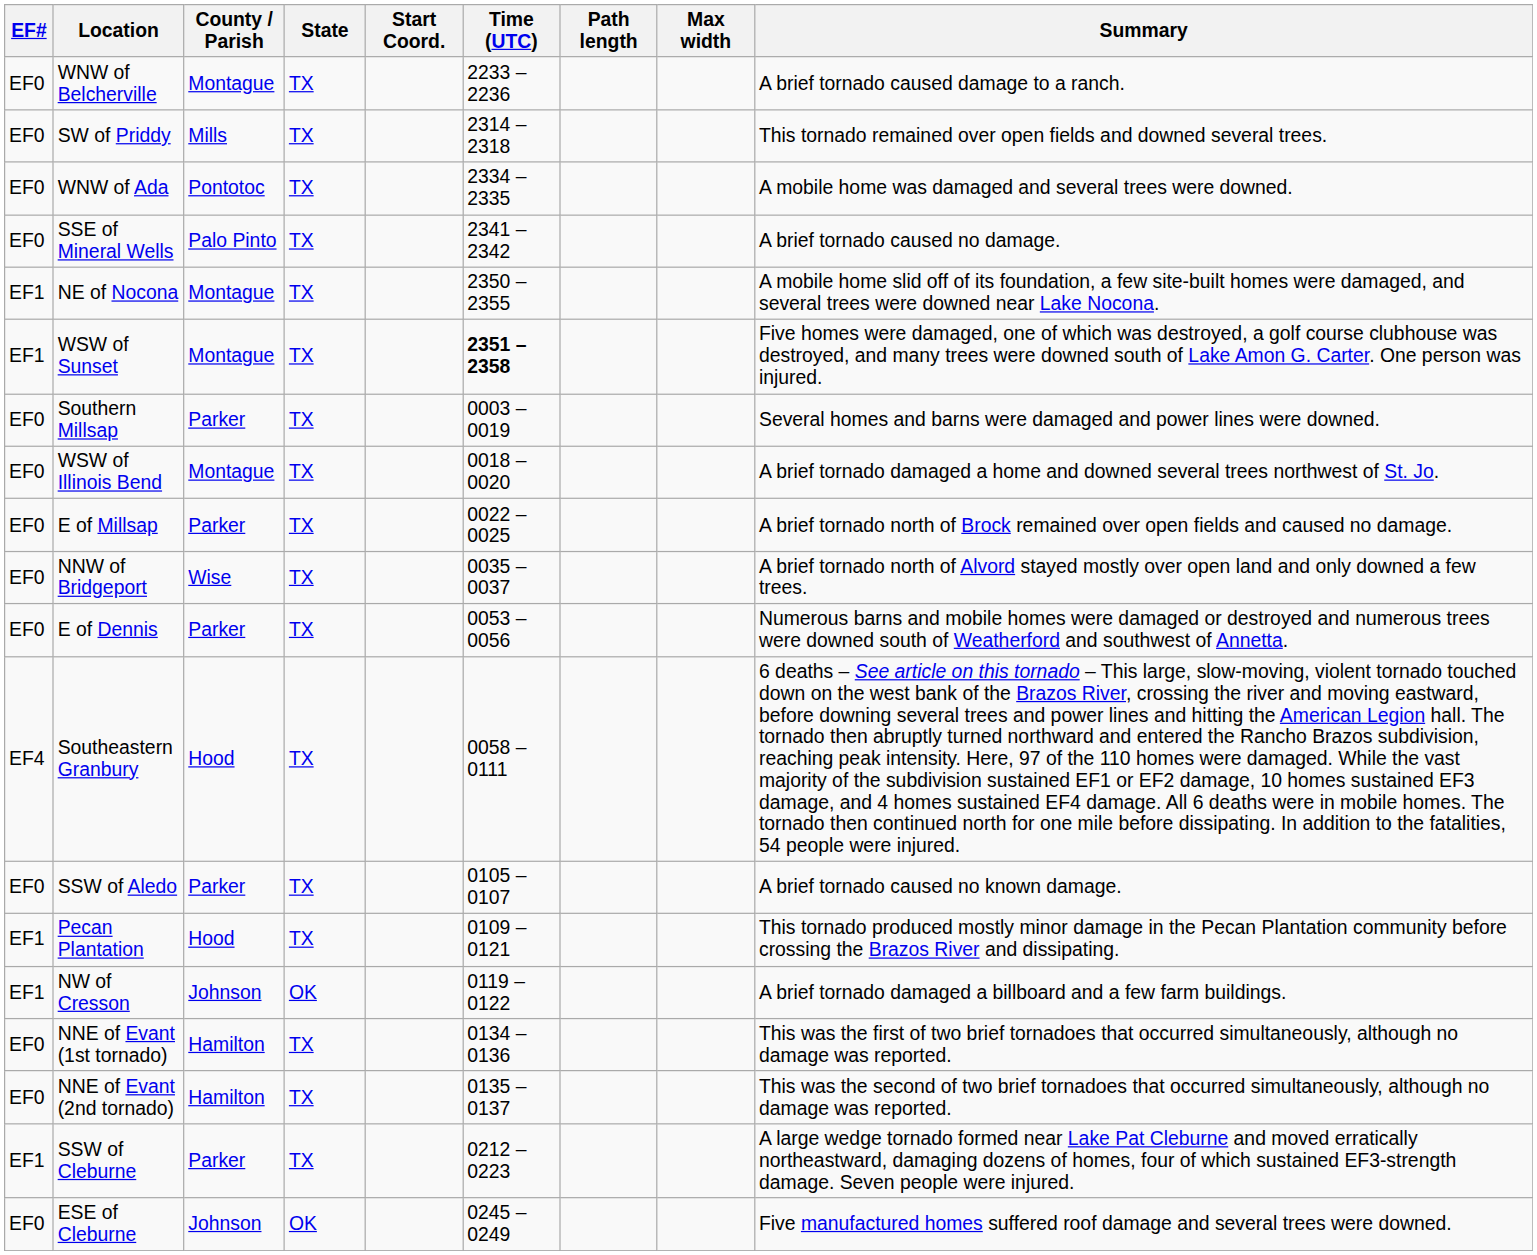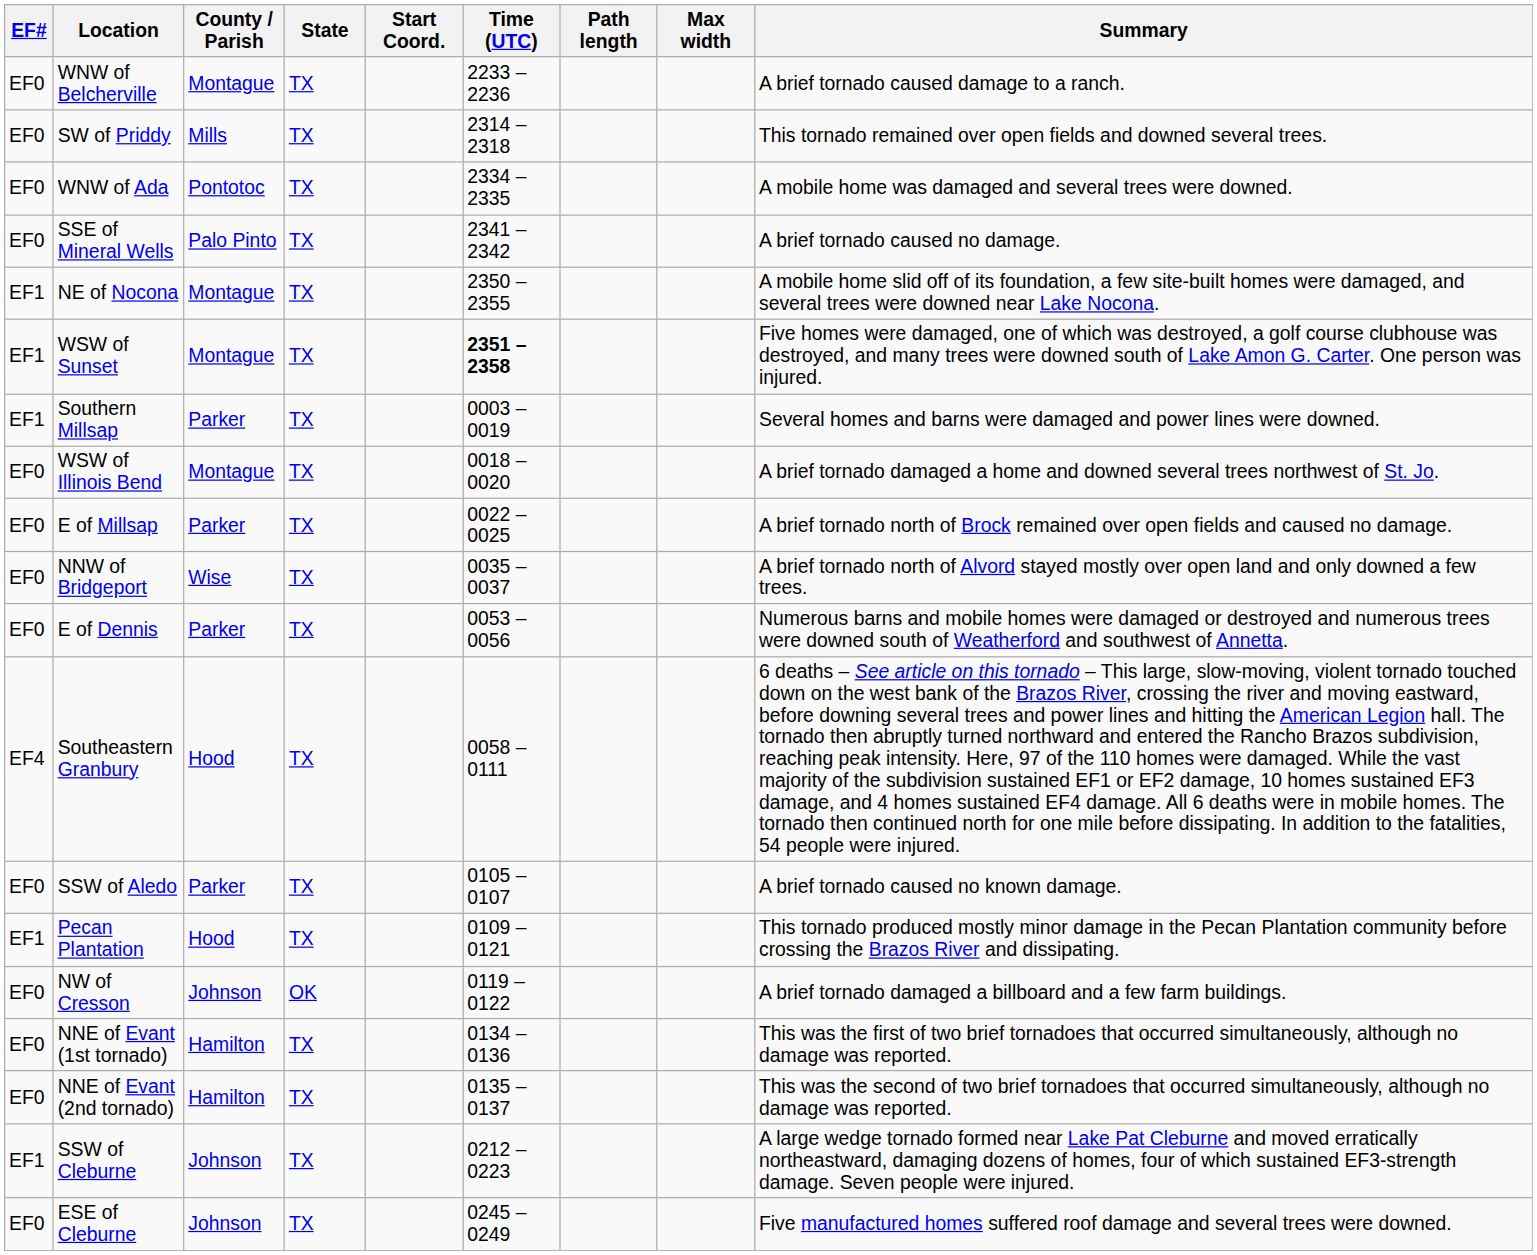 <table class="wikitable sortable" style="width:100%;">
 <tr>
 <th scope="col" width="3%" align="center"><a href='#'>EF#</a></th>
 <th scope="col" width="7%" align="center" class="unsortable">Location</th>
 <th scope="col" width="6%" align="center" class="unsortable">County / Parish</th>
 <th scope="col" width="5%" align="center">State</th>
 <th scope="col" width="6%" align="center">Start Coord.</th>
 <th scope="col" width="6%" align="center">Time (<a href='#'>UTC</a>)</th>
 <th scope="col" width="6%" align="center">Path length</th>
 <th scope="col" width="6%" align="center">Max width</th>
 <th scope="col" width="48%" class="unsortable" align="center">Summary</th>
 </tr>
 <tr>
 <td>EF0</td>
 <td>WNW of <a href='#'>Belcherville</a></td>
 <td><a href='#'>Montague</a></td>
 <td><a href='#'>TX</a></td>
 <td></td>
 <td>2233 – 2236</td>
 <td></td>
 <td></td>
 <td>A brief tornado caused damage to a ranch.</td>
 </tr>
 <tr>
 <td>EF0</td>
 <td>SW of <a href='#'>Priddy</a></td>
 <td><a href='#'>Mills</a></td>
 <td><a href='#'>TX</a></td>
 <td></td>
 <td>2314 – 2318</td>
 <td></td>
 <td></td>
 <td>This tornado remained over open fields and downed several trees.</td>
 </tr>
 <tr>
 <td>EF0</td>
 <td>WNW of <a href='#'>Ada</a></td>
 <td><a href='#'>Pontotoc</a></td>
 <td><a href='#'>TX</a></td>
 <td></td>
 <td>2334 – 2335</td>
 <td></td>
 <td></td>
 <td>A mobile home was damaged and several trees were downed.</td>
 </tr>
 <tr>
 <td>EF0</td>
 <td>SSE of <a href='#'>Mineral Wells</a></td>
 <td><a href='#'>Palo Pinto</a></td>
 <td><a href='#'>TX</a></td>
 <td></td>
 <td>2341 – 2342</td>
 <td></td>
 <td></td>
 <td>A brief tornado caused no damage.</td>
 </tr>
 <tr>
 <td>EF1</td>
 <td>NE of <a href='#'>Nocona</a></td>
 <td><a href='#'>Montague</a></td>
 <td><a href='#'>TX</a></td>
 <td></td>
 <td>2350 – 2355</td>
 <td></td>
 <td></td>
 <td>A mobile home slid off of its foundation, a few site-built homes were damaged, and several trees were downed near <a href='#'>Lake Nocona</a>.</td>
 </tr>
 <tr>
 <td>EF1</td>
 <td>WSW of <a href='#'>Sunset</a></td>
 <td><a href='#'>Montague</a></td>
 <td><a href='#'>TX</a></td>
 <td></td>
 <td><strong>2351 – 2358</strong></td>
 <td></td>
 <td></td>
 <td>Five homes were damaged, one of which was destroyed, a golf course clubhouse was destroyed, and many trees were downed south of <a href='#'>Lake Amon G. Carter</a>. One person was injured.</td>
 </tr>
 <tr>
-<td>EF0</td>
+<td>EF1</td>
 <td>Southern <a href='#'>Millsap</a></td>
 <td><a href='#'>Parker</a></td>
 <td><a href='#'>TX</a></td>
 <td></td>
 <td>0003 – 0019</td>
 <td></td>
 <td></td>
 <td>Several homes and barns were damaged and power lines were downed.</td>
 </tr>
 <tr>
 <td>EF0</td>
 <td>WSW of <a href='#'>Illinois Bend</a></td>
 <td><a href='#'>Montague</a></td>
 <td><a href='#'>TX</a></td>
 <td></td>
 <td>0018 – 0020</td>
 <td></td>
 <td></td>
 <td>A brief tornado damaged a home and downed several trees northwest of <a href='#'>St. Jo</a>.</td>
 </tr>
 <tr>
 <td>EF0</td>
 <td>E of <a href='#'>Millsap</a></td>
 <td><a href='#'>Parker</a></td>
 <td><a href='#'>TX</a></td>
 <td></td>
 <td>0022 – 0025</td>
 <td></td>
 <td></td>
 <td>A brief tornado north of <a href='#'>Brock</a> remained over open fields and caused no damage.</td>
 </tr>
 <tr>
 <td>EF0</td>
 <td>NNW of <a href='#'>Bridgeport</a></td>
 <td><a href='#'>Wise</a></td>
 <td><a href='#'>TX</a></td>
 <td></td>
 <td>0035 – 0037</td>
 <td></td>
 <td></td>
 <td>A brief tornado north of <a href='#'>Alvord</a> stayed mostly over open land and only downed a few trees.</td>
 </tr>
 <tr>
 <td>EF0</td>
 <td>E of <a href='#'>Dennis</a></td>
 <td><a href='#'>Parker</a></td>
 <td><a href='#'>TX</a></td>
 <td></td>
 <td>0053 – 0056</td>
 <td></td>
 <td></td>
 <td>Numerous barns and mobile homes were damaged or destroyed and numerous trees were downed south of <a href='#'>Weatherford</a> and southwest of <a href='#'>Annetta</a>.</td>
 </tr>
 <tr>
 <td>EF4</td>
 <td>Southeastern <a href='#'>Granbury</a></td>
 <td><a href='#'>Hood</a></td>
 <td><a href='#'>TX</a></td>
 <td></td>
 <td>0058 – 0111</td>
 <td></td>
 <td></td>
 <td>6 deaths – <em><a href='#'>See article on this tornado</a></em> – This large, slow-moving, violent tornado touched down on the west bank of the <a href='#'>Brazos River</a>, crossing the river and moving eastward, before downing several trees and power lines and hitting the <a href='#'>American Legion</a> hall. The tornado then abruptly turned northward and entered the Rancho Brazos subdivision, reaching peak intensity. Here, 97 of the 110 homes were damaged. While the vast majority of the subdivision sustained EF1 or EF2 damage, 10 homes sustained EF3 damage, and 4 homes sustained EF4 damage. All 6 deaths were in mobile homes. The tornado then continued north for one mile before dissipating. In addition to the fatalities, 54 people were injured.</td>
 </tr>
 <tr>
 <td>EF0</td>
 <td>SSW of <a href='#'>Aledo</a></td>
 <td><a href='#'>Parker</a></td>
 <td><a href='#'>TX</a></td>
 <td></td>
 <td>0105 – 0107</td>
 <td></td>
 <td></td>
 <td>A brief tornado caused no known damage.</td>
 </tr>
 <tr>
 <td>EF1</td>
 <td><a href='#'>Pecan Plantation</a></td>
 <td><a href='#'>Hood</a></td>
 <td><a href='#'>TX</a></td>
 <td></td>
 <td>0109 – 0121</td>
 <td></td>
 <td></td>
 <td>This tornado produced mostly minor damage in the Pecan Plantation community before crossing the <a href='#'>Brazos River</a> and dissipating.</td>
 </tr>
 <tr>
-<td>EF1</td>
+<td>EF0</td>
 <td>NW of <a href='#'>Cresson</a></td>
 <td><a href='#'>Johnson</a></td>
 <td><a href='#'>OK</a></td>
 <td></td>
 <td>0119 – 0122</td>
 <td></td>
 <td></td>
 <td>A brief tornado damaged a billboard and a few farm buildings.</td>
 </tr>
 <tr>
 <td>EF0</td>
 <td>NNE of <a href='#'>Evant</a> (1st tornado)</td>
 <td><a href='#'>Hamilton</a></td>
 <td><a href='#'>TX</a></td>
 <td></td>
 <td>0134 – 0136</td>
 <td></td>
 <td></td>
 <td>This was the first of two brief tornadoes that occurred simultaneously, although no damage was reported.</td>
 </tr>
 <tr>
 <td>EF0</td>
 <td>NNE of <a href='#'>Evant</a> (2nd tornado)</td>
 <td><a href='#'>Hamilton</a></td>
 <td><a href='#'>TX</a></td>
 <td></td>
 <td>0135 – 0137</td>
 <td></td>
 <td></td>
 <td>This was the second of two brief tornadoes that occurred simultaneously, although no damage was reported.</td>
 </tr>
 <tr>
 <td>EF1</td>
 <td>SSW of <a href='#'>Cleburne</a></td>
-<td><a href='#'>Parker</a></td>
+<td><a href='#'>Johnson</a></td>
 <td><a href='#'>TX</a></td>
 <td></td>
 <td>0212 – 0223</td>
 <td></td>
 <td></td>
 <td>A large wedge tornado formed near <a href='#'>Lake Pat Cleburne</a> and moved erratically northeastward, damaging dozens of homes, four of which sustained EF3-strength damage. Seven people were injured.</td>
 </tr>
 <tr>
 <td>EF0</td>
 <td>ESE of <a href='#'>Cleburne</a></td>
 <td><a href='#'>Johnson</a></td>
-<td><a href='#'>OK</a></td>
+<td><a href='#'>TX</a></td>
 <td></td>
 <td>0245 – 0249</td>
 <td></td>
 <td></td>
 <td>Five <a href='#'>manufactured homes</a> suffered roof damage and several trees were downed.</td>
 </tr>
 <tr>
 </tr>
 </table>
